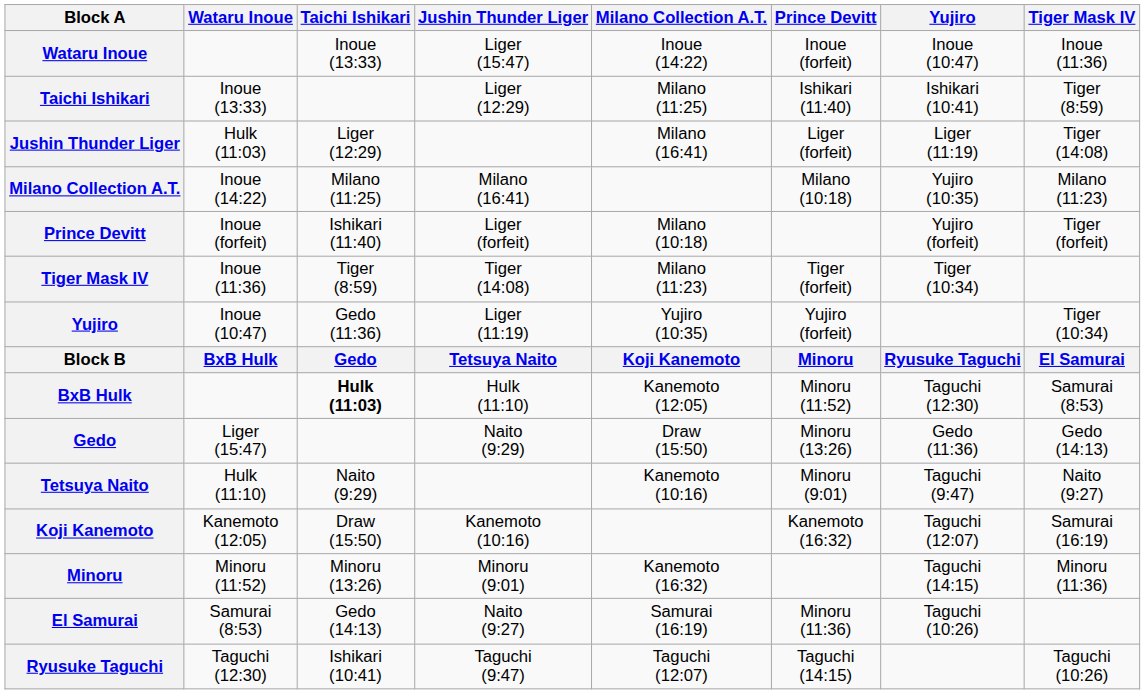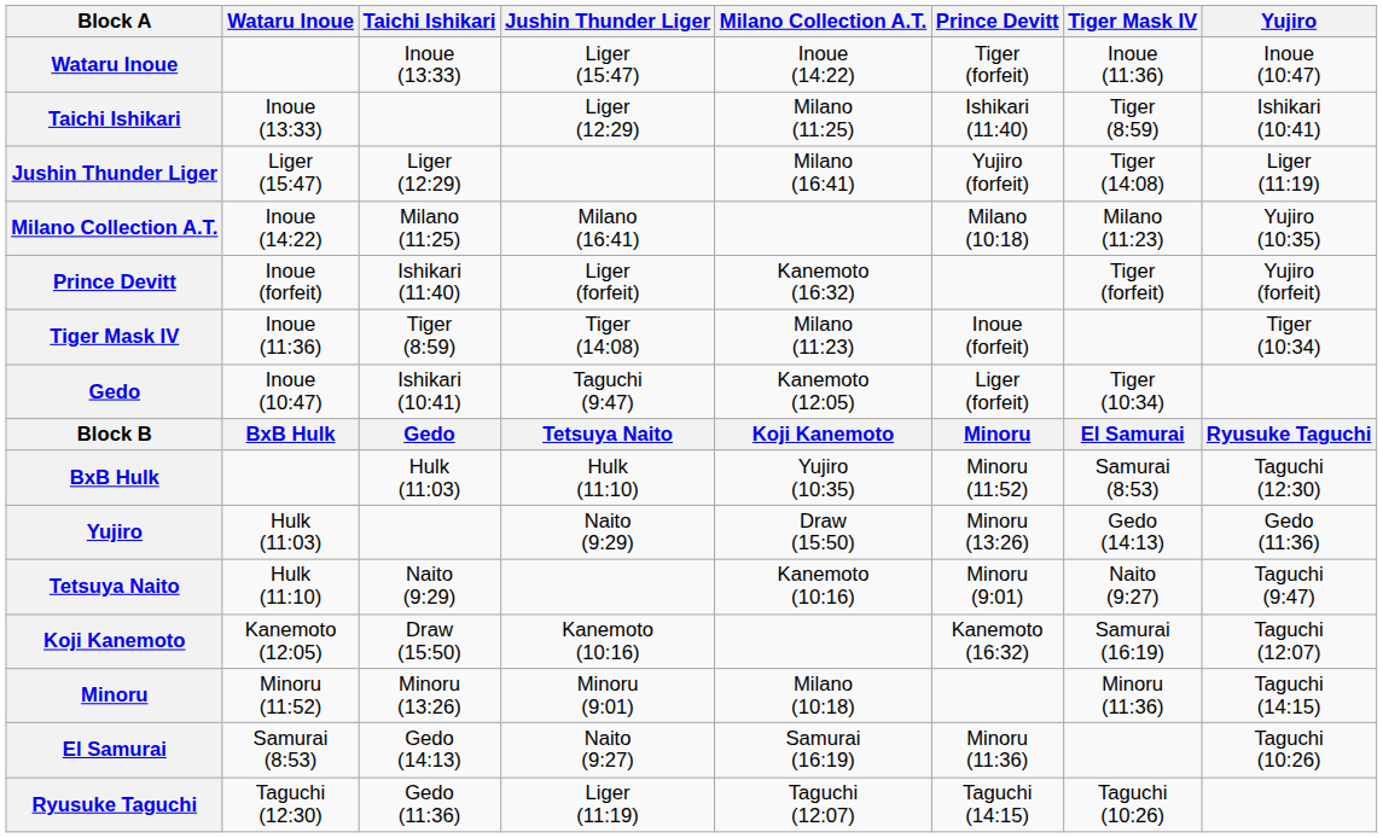 <table class="wikitable" style="margin: 1em auto 1em auto">
 <tr align="center">
 <th>Block A</th>
 <th><a href='#'>Wataru Inoue</a></th>
 <th><a href='#'>Taichi Ishikari</a></th>
 <th><a href='#'>Jushin Thunder Liger</a></th>
 <th><a href='#'>Milano Collection A.T.</a></th>
 <th><a href='#'>Prince Devitt</a></th>
+<th><a href='#'>Tiger Mask IV</a></th>
 <th><a href='#'>Yujiro</a></th>
-<th><a href='#'>Tiger Mask IV</a></th>
 </tr>
 <tr align="center">
 <th><a href='#'>Wataru Inoue</a></th>
 <td></td>
 <td>Inoue<br>(13:33)</td>
 <td>Liger<br>(15:47)</td>
 <td>Inoue<br>(14:22)</td>
-<td>Inoue<br>(forfeit)</td>
+<td>Tiger<br>(forfeit)</td>
+<td>Inoue<br>(11:36)</td>
 <td>Inoue<br>(10:47)</td>
-<td>Inoue<br>(11:36)</td>
 </tr>
 <tr align="center">
 <th><a href='#'>Taichi Ishikari</a></th>
 <td>Inoue<br>(13:33)</td>
 <td></td>
 <td>Liger<br>(12:29)</td>
 <td>Milano<br>(11:25)</td>
 <td>Ishikari<br>(11:40)</td>
+<td>Tiger<br>(8:59)</td>
 <td>Ishikari<br>(10:41)</td>
-<td>Tiger<br>(8:59)</td>
 </tr>
 <tr align="center">
 <th><a href='#'>Jushin Thunder Liger</a></th>
-<td>Hulk<br>(11:03)</td>
+<td>Liger<br>(15:47)</td>
 <td>Liger<br>(12:29)</td>
 <td></td>
 <td>Milano<br>(16:41)</td>
-<td>Liger<br>(forfeit)</td>
+<td>Yujiro<br>(forfeit)</td>
+<td>Tiger<br>(14:08)</td>
 <td>Liger<br>(11:19)</td>
-<td>Tiger<br>(14:08)</td>
 </tr>
 <tr align="center">
 <th><a href='#'>Milano Collection A.T.</a></th>
 <td>Inoue<br>(14:22)</td>
 <td>Milano<br>(11:25)</td>
 <td>Milano<br>(16:41)</td>
 <td></td>
 <td>Milano<br>(10:18)</td>
+<td>Milano<br>(11:23)</td>
 <td>Yujiro<br>(10:35)</td>
-<td>Milano<br>(11:23)</td>
 </tr>
 <tr align="center">
 <th><a href='#'>Prince Devitt</a></th>
 <td>Inoue<br>(forfeit)</td>
 <td>Ishikari<br>(11:40)</td>
 <td>Liger<br>(forfeit)</td>
-<td>Milano<br>(10:18)</td>
+<td>Kanemoto<br>(16:32)</td>
 <td></td>
+<td>Tiger<br>(forfeit)</td>
 <td>Yujiro<br>(forfeit)</td>
-<td>Tiger<br>(forfeit)</td>
 </tr>
 <tr align="center">
 <th><a href='#'>Tiger Mask IV</a></th>
 <td>Inoue<br>(11:36)</td>
 <td>Tiger<br>(8:59)</td>
 <td>Tiger<br>(14:08)</td>
 <td>Milano<br>(11:23)</td>
-<td>Tiger<br>(forfeit)</td>
+<td>Inoue<br>(forfeit)</td>
+<td></td>
+<td>Tiger<br>(10:34)</td>
+</tr>
+<tr align="center">
+<th><a href='#'>Gedo</a></th>
+<td>Inoue<br>(10:47)</td>
+<td>Ishikari<br>(10:41)</td>
+<td>Taguchi<br>(9:47)</td>
+<td>Kanemoto<br>(12:05)</td>
+<td>Liger<br>(forfeit)</td>
 <td>Tiger<br>(10:34)</td>
 <td></td>
-</tr>
-<tr align="center">
-<th><a href='#'>Yujiro</a></th>
-<td>Inoue<br>(10:47)</td>
-<td>Gedo<br>(11:36)</td>
-<td>Liger<br>(11:19)</td>
-<td>Yujiro<br>(10:35)</td>
-<td>Yujiro<br>(forfeit)</td>
-<td></td>
-<td>Tiger<br>(10:34)</td>
 </tr>
 <tr align="center">
 <th>Block B</th>
 <th><a href='#'>BxB Hulk</a></th>
 <th><a href='#'>Gedo</a></th>
 <th><a href='#'>Tetsuya Naito</a></th>
 <th><a href='#'>Koji Kanemoto</a></th>
 <th><a href='#'>Minoru</a></th>
+<th><a href='#'>El Samurai</a></th>
 <th><a href='#'>Ryusuke Taguchi</a></th>
-<th><a href='#'>El Samurai</a></th>
 </tr>
 <tr align="center">
 <th><a href='#'>BxB Hulk</a></th>
 <td></td>
-<td><strong>Hulk<br>(11:03)</strong></td>
+<td>Hulk<br>(11:03)</td>
 <td>Hulk<br>(11:10)</td>
-<td>Kanemoto<br>(12:05)</td>
+<td>Yujiro<br>(10:35)</td>
 <td>Minoru<br>(11:52)</td>
+<td>Samurai<br>(8:53)</td>
 <td>Taguchi<br>(12:30)</td>
-<td>Samurai<br>(8:53)</td>
 </tr>
 <tr align="center">
-<th><a href='#'>Gedo</a></th>
-<td>Liger<br>(15:47)</td>
+<th><a href='#'>Yujiro</a></th>
+<td>Hulk<br>(11:03)</td>
 <td></td>
 <td>Naito<br>(9:29)</td>
 <td>Draw<br>(15:50)</td>
 <td>Minoru<br>(13:26)</td>
+<td>Gedo<br>(14:13)</td>
 <td>Gedo<br>(11:36)</td>
-<td>Gedo<br>(14:13)</td>
 </tr>
 <tr align="center">
 <th><a href='#'>Tetsuya Naito</a></th>
 <td>Hulk<br>(11:10)</td>
 <td>Naito<br>(9:29)</td>
 <td></td>
 <td>Kanemoto<br>(10:16)</td>
 <td>Minoru<br>(9:01)</td>
+<td>Naito<br>(9:27)</td>
 <td>Taguchi<br>(9:47)</td>
-<td>Naito<br>(9:27)</td>
 </tr>
 <tr align="center">
 <th><a href='#'>Koji Kanemoto</a></th>
 <td>Kanemoto<br>(12:05)</td>
 <td>Draw<br>(15:50)</td>
 <td>Kanemoto<br>(10:16)</td>
 <td></td>
 <td>Kanemoto<br>(16:32)</td>
+<td>Samurai<br>(16:19)</td>
 <td>Taguchi<br>(12:07)</td>
-<td>Samurai<br>(16:19)</td>
 </tr>
 <tr align="center">
 <th><a href='#'>Minoru</a></th>
 <td>Minoru<br>(11:52)</td>
 <td>Minoru<br>(13:26)</td>
 <td>Minoru<br>(9:01)</td>
-<td>Kanemoto<br>(16:32)</td>
+<td>Milano<br>(10:18)</td>
 <td></td>
+<td>Minoru<br>(11:36)</td>
 <td>Taguchi<br>(14:15)</td>
-<td>Minoru<br>(11:36)</td>
 </tr>
 <tr align="center">
 <th><a href='#'>El Samurai</a></th>
 <td>Samurai<br>(8:53)</td>
 <td>Gedo<br>(14:13)</td>
 <td>Naito<br>(9:27)</td>
 <td>Samurai<br>(16:19)</td>
 <td>Minoru<br>(11:36)</td>
+<td></td>
 <td>Taguchi<br>(10:26)</td>
-<td></td>
 </tr>
 <tr align="center">
 <th><a href='#'>Ryusuke Taguchi</a></th>
 <td>Taguchi<br>(12:30)</td>
-<td>Ishikari<br>(10:41)</td>
-<td>Taguchi<br>(9:47)</td>
+<td>Gedo<br>(11:36)</td>
+<td>Liger<br>(11:19)</td>
 <td>Taguchi<br>(12:07)</td>
 <td>Taguchi<br>(14:15)</td>
+<td>Taguchi<br>(10:26)</td>
 <td></td>
-<td>Taguchi<br>(10:26)</td>
 </tr>
 </table>
